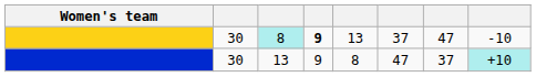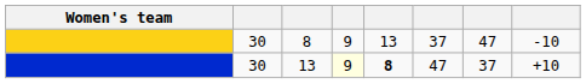 <table class="wikitable" style="width:40%; text-align:center">
 <tr>
 <th>Women's team</th>
 <th></th>
 <th></th>
 <th></th>
 <th></th>
 <th></th>
 <th></th>
 <th></th>
 </tr>
 <tr>
 <td style="background:#fcd116; text-align:left;"><strong><span></span></strong></td>
 <td>30</td>
-<td style="background: paleturquoise;">8</td>
-<td><strong>9</strong></td>
+<td>8</td>
+<td>9</td>
 <td>13</td>
 <td>37</td>
 <td>47</td>
 <td>-10</td>
 </tr>
 <tr>
 <td style="background:#0029cf; text-align:left;"><strong><span></span></strong></td>
 <td>30</td>
 <td>13</td>
-<td>9</td>
-<td>8</td>
+<td style="background: lightyellow;">9</td>
+<td><strong>8</strong></td>
 <td>47</td>
 <td>37</td>
-<td style="background: paleturquoise;">+10</td>
+<td>+10</td>
 </tr>
 </table>
